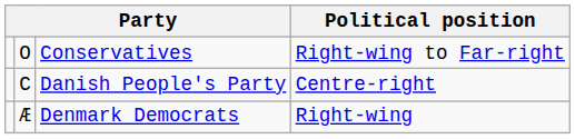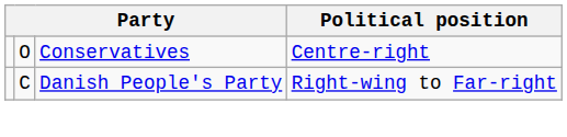 <table class="wikitable">
 <tr>
 <th colspan="3">Party</th>
 <th>Political position</th>
 </tr>
 <tr>
 <td></td>
 <td>O</td>
 <td><a href='#'>Conservatives</a></td>
-<td><a href='#'>Right-wing</a> to  <a href='#'>Far-right</a></td>
+<td><a href='#'>Centre-right</a></td>
 </tr>
 <tr>
 <td></td>
 <td>C</td>
 <td><a href='#'>Danish People's Party</a></td>
-<td><a href='#'>Centre-right</a></td>
-</tr>
-<tr>
-<td></td>
-<td>Æ</td>
-<td><a href='#'>Denmark Democrats</a></td>
-<td><a href='#'>Right-wing</a></td>
+<td><a href='#'>Right-wing</a> to  <a href='#'>Far-right</a></td>
 </tr>
 </table>
